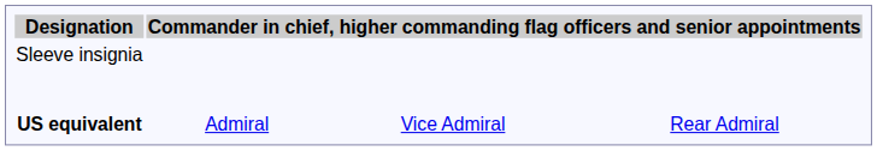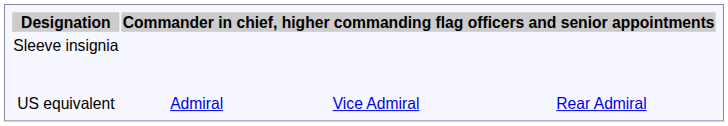 <table style="border:1px solid #8888aa; background-color:#f7f8ff; padding:5px; font-size:95%; margin: 0px 12px 12px 0px; text-align:center;">
 <tr bgcolor="#CCCCCC">
 <th>Designation</th>
 <th colspan=4>Commander in chief, higher commanding flag officers and senior appointments</th>
 </tr>
 <tr style="text-align:center;">
 <td rowspan=2>Sleeve insignia</td>
 <td></td>
 <td></td>
 <td></td>
 <td></td>
 </tr>
 <tr style="text-align:center;">
 <td><br></td>
 <td><br></td>
 <td><br></td>
 <td><br></td>
 </tr>
 <tr style="text-align:center;">
 <td colspan=15></td>
 </tr>
 <tr style="text-align:center;">
 <td rowspan=2></td>
 <td rowspan=2></td>
 <td> </td>
 <td> </td>
 <td> </td>
 </tr>
 <tr style="text-align:center;">
 <td><br></td>
 <td><br></td>
 <td><br></td>
 </tr>
 <tr style="text-align:center;">
 <td colspan=15></td>
 </tr>
 <tr style="text-align:center;">
-<td><strong>US equivalent</strong></td>
+<td>US equivalent</td>
 <td></td>
 <td><a href='#'>Admiral</a></td>
 <td><a href='#'>Vice Admiral</a></td>
 <td><a href='#'>Rear Admiral</a></td>
 </tr>
 </table>
